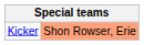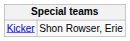 <table class="wikitable">
 <tr>
 <th colspan="6">Special teams</th>
 </tr>
 <tr>
 <td><a href='#'>Kicker</a></td>
-<td style="background: lightsalmon;">Shon Rowser, Erie</td>
+<td>Shon Rowser, Erie</td>
 </tr>
 </table>
